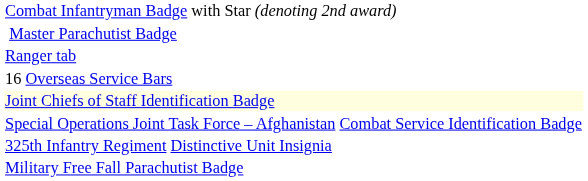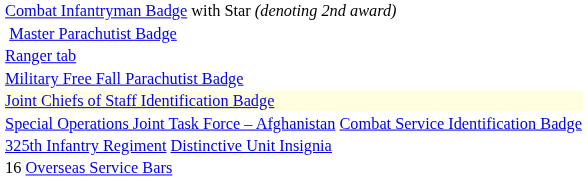 <table>
 <tr>
 <td> <a href='#'>Combat Infantryman Badge</a> with Star <em>(denoting 2nd award)</em></td>
 </tr>
 <tr>
 <td> <a href='#'>Master Parachutist Badge</a></td>
 </tr>
 <tr>
 <td> <a href='#'>Ranger tab</a></td>
 </tr>
 <tr>
-<td> 16 <a href='#'>Overseas Service Bars</a></td>
+<td> <a href='#'>Military Free Fall Parachutist Badge</a></td>
 </tr>
 <tr>
 <td style="background: lightyellow;"> <a href='#'>Joint Chiefs of Staff Identification Badge</a></td>
 </tr>
 <tr>
 <td> <a href='#'>Special Operations Joint Task Force – Afghanistan</a> <a href='#'>Combat Service Identification Badge</a></td>
 </tr>
 <tr>
 <td> <a href='#'>325th Infantry Regiment</a> <a href='#'>Distinctive Unit Insignia</a></td>
 </tr>
 <tr>
-<td> <a href='#'>Military Free Fall Parachutist Badge</a></td>
+<td> 16 <a href='#'>Overseas Service Bars</a></td>
 </tr>
 </table>
